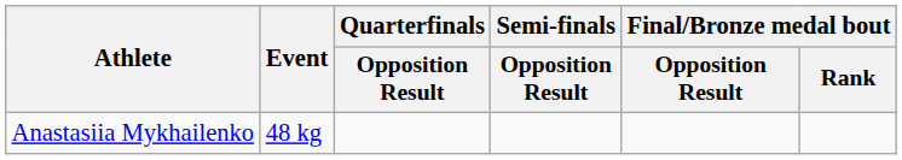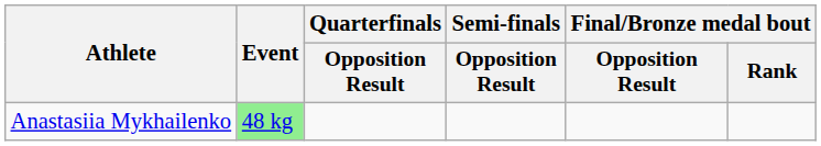 <table class="wikitable" style="text-align:center; font-size:90%">
 <tr>
 <th rowspan=2>Athlete</th>
 <th rowspan=2>Event</th>
 <th>Quarterfinals</th>
 <th>Semi-finals</th>
 <th colspan=2>Final/Bronze medal bout</th>
 </tr>
 <tr style="font-size:95%">
 <th>Opposition<br>Result</th>
 <th>Opposition<br>Result</th>
 <th>Opposition<br>Result</th>
 <th>Rank</th>
 </tr>
 <tr>
 <td align=left><a href='#'>Anastasiia Mykhailenko</a></td>
-<td align=left><a href='#'>48 kg</a></td>
+<td align=left style="background: lightgreen;"><a href='#'>48 kg</a></td>
 <td></td>
 <td></td>
 <td></td>
 <td></td>
 </tr>
 </table>
